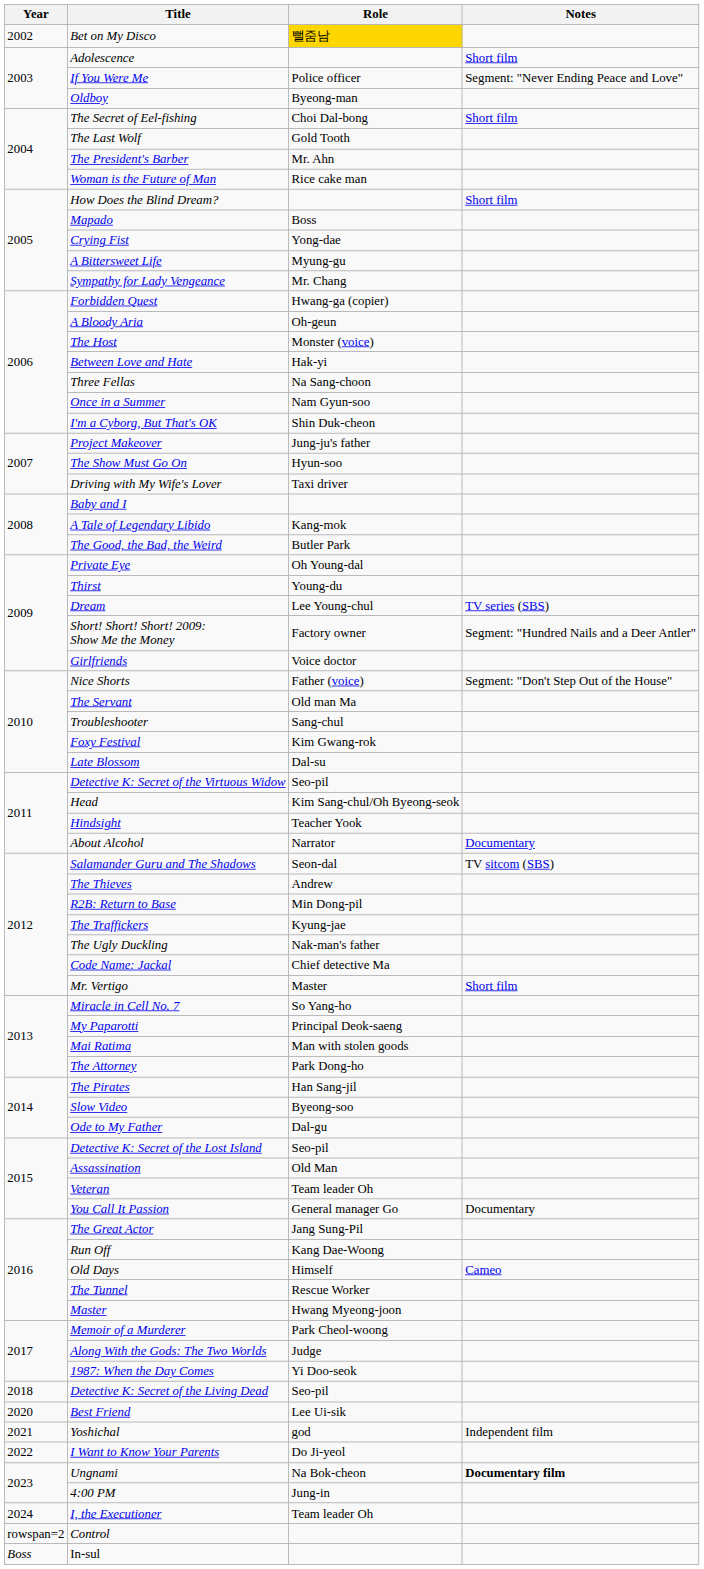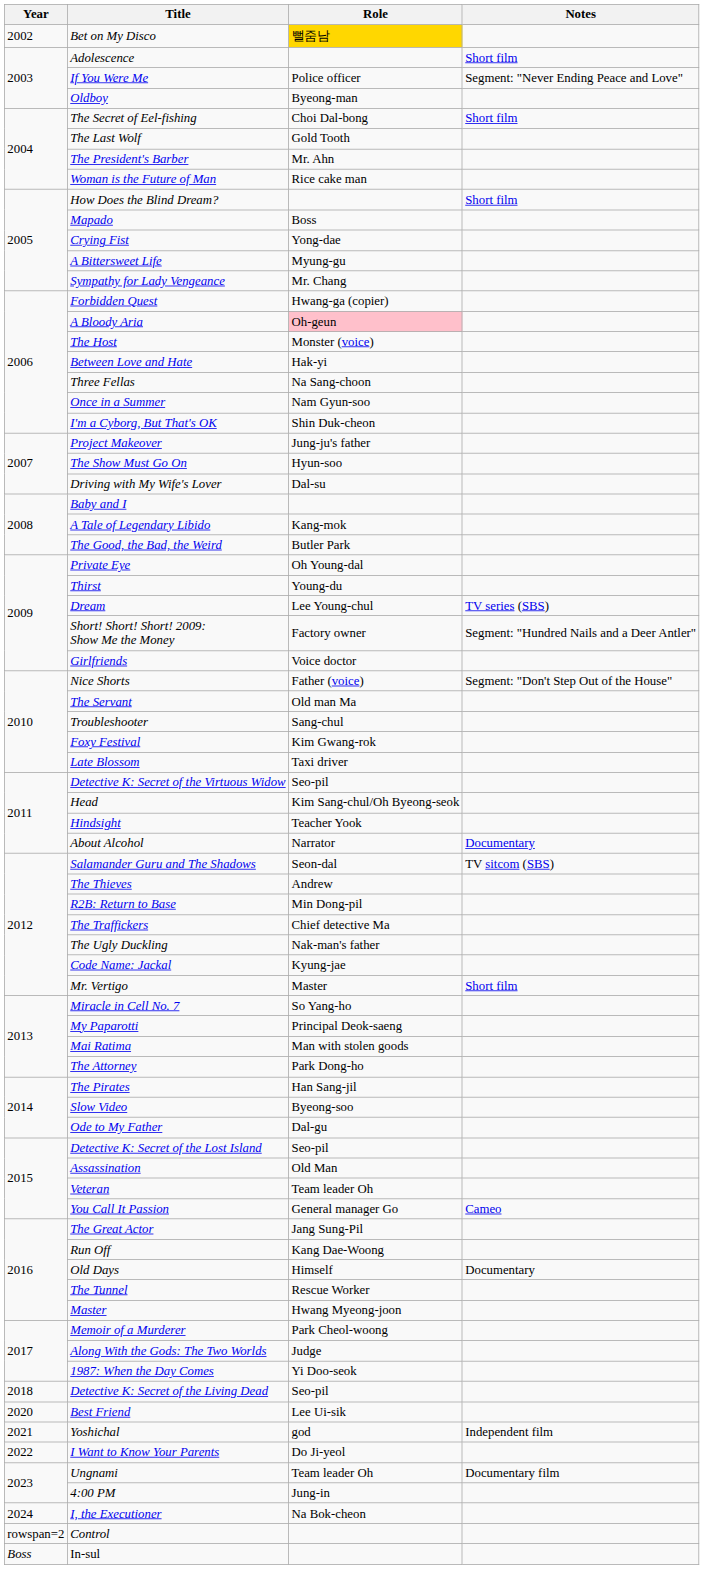 <table class="wikitable plainrowheaders sortable">
 <tr>
 <th>Year</th>
 <th>Title</th>
 <th>Role</th>
 <th class="unsortable">Notes</th>
 </tr>
 <tr>
 <td>2002</td>
 <td><em>Bet on My Disco</em></td>
 <td style="background: gold;">뻘줌남</td>
 <td></td>
 </tr>
 <tr>
 <td rowspan=3>2003</td>
 <td><em>Adolescence</em></td>
 <td></td>
 <td><a href='#'>Short film</a></td>
 </tr>
 <tr>
 <td><em><a href='#'>If You Were Me</a></em></td>
 <td>Police officer</td>
 <td>Segment: "Never Ending Peace and Love"</td>
 </tr>
 <tr>
 <td><em><a href='#'>Oldboy</a></em></td>
 <td>Byeong-man</td>
 <td></td>
 </tr>
 <tr>
 <td rowspan=4>2004</td>
 <td><em>The Secret of Eel-fishing</em></td>
 <td>Choi Dal-bong</td>
 <td><a href='#'>Short film</a></td>
 </tr>
 <tr>
 <td><em>The Last Wolf</em></td>
 <td>Gold Tooth</td>
 <td></td>
 </tr>
 <tr>
 <td><em><a href='#'>The President's Barber</a></em></td>
 <td>Mr. Ahn</td>
 <td></td>
 </tr>
 <tr>
 <td><em><a href='#'>Woman is the Future of Man</a></em></td>
 <td>Rice cake man</td>
 <td></td>
 </tr>
 <tr>
 <td rowspan=5>2005</td>
 <td><em>How Does the Blind Dream?</em></td>
 <td></td>
 <td><a href='#'>Short film</a></td>
 </tr>
 <tr>
 <td><em><a href='#'>Mapado</a></em></td>
 <td>Boss</td>
 <td></td>
 </tr>
 <tr>
 <td><em><a href='#'>Crying Fist</a></em></td>
 <td>Yong-dae</td>
 <td></td>
 </tr>
 <tr>
 <td><em><a href='#'>A Bittersweet Life</a></em></td>
 <td>Myung-gu</td>
 <td></td>
 </tr>
 <tr>
 <td><em><a href='#'>Sympathy for Lady Vengeance</a></em></td>
 <td>Mr. Chang</td>
 <td></td>
 </tr>
 <tr>
 <td rowspan=7>2006</td>
 <td><em><a href='#'>Forbidden Quest</a></em></td>
 <td>Hwang-ga (copier)</td>
 <td></td>
 </tr>
 <tr>
 <td><em><a href='#'>A Bloody Aria</a></em></td>
-<td>Oh-geun</td>
+<td style="background: pink;">Oh-geun</td>
 <td></td>
 </tr>
 <tr>
 <td><em><a href='#'>The Host</a></em></td>
 <td>Monster (<a href='#'>voice</a>)</td>
 <td></td>
 </tr>
 <tr>
 <td><em><a href='#'>Between Love and Hate</a></em></td>
 <td>Hak-yi</td>
 <td></td>
 </tr>
 <tr>
 <td><em>Three Fellas</em></td>
 <td>Na Sang-choon</td>
 <td></td>
 </tr>
 <tr>
 <td><em><a href='#'>Once in a Summer</a></em></td>
 <td>Nam Gyun-soo</td>
 <td></td>
 </tr>
 <tr>
 <td><em><a href='#'>I'm a Cyborg, But That's OK</a></em></td>
 <td>Shin Duk-cheon</td>
 <td></td>
 </tr>
 <tr>
 <td rowspan=3>2007</td>
 <td><em><a href='#'>Project Makeover</a></em></td>
 <td>Jung-ju's father</td>
 <td></td>
 </tr>
 <tr>
 <td><em><a href='#'>The Show Must Go On</a></em></td>
 <td>Hyun-soo</td>
 <td></td>
 </tr>
 <tr>
 <td><em>Driving with My Wife's Lover</em></td>
-<td>Taxi driver</td>
+<td>Dal-su</td>
 <td></td>
 </tr>
 <tr>
 <td rowspan=3>2008</td>
 <td><em><a href='#'>Baby and I</a></em></td>
 <td></td>
 <td></td>
 </tr>
 <tr>
 <td><em><a href='#'>A Tale of Legendary Libido</a></em></td>
 <td>Kang-mok</td>
 <td></td>
 </tr>
 <tr>
 <td><em><a href='#'>The Good, the Bad, the Weird</a></em></td>
 <td>Butler Park</td>
 <td></td>
 </tr>
 <tr>
 <td rowspan=5>2009</td>
 <td><em><a href='#'>Private Eye</a></em></td>
 <td>Oh Young-dal</td>
 <td></td>
 </tr>
 <tr>
 <td><em><a href='#'>Thirst</a></em></td>
 <td>Young-du</td>
 <td></td>
 </tr>
 <tr>
 <td><em><a href='#'>Dream</a></em></td>
 <td>Lee Young-chul</td>
 <td><a href='#'>TV series</a> (<a href='#'>SBS</a>)</td>
 </tr>
 <tr>
 <td><em>Short! Short! Short! 2009: <br> Show Me the Money</em></td>
 <td>Factory owner</td>
 <td>Segment: "Hundred Nails and a Deer Antler"</td>
 </tr>
 <tr>
 <td><em><a href='#'>Girlfriends</a></em></td>
 <td>Voice doctor</td>
 <td></td>
 </tr>
 <tr>
 <td rowspan=5>2010</td>
 <td><em>Nice Shorts</em></td>
 <td>Father (<a href='#'>voice</a>)</td>
 <td>Segment: "Don't Step Out of the House"</td>
 </tr>
 <tr>
 <td><em><a href='#'>The Servant</a></em></td>
 <td>Old man Ma</td>
 <td></td>
 </tr>
 <tr>
 <td><em>Troubleshooter</em></td>
 <td>Sang-chul</td>
 <td></td>
 </tr>
 <tr>
 <td><em><a href='#'>Foxy Festival</a></em></td>
 <td>Kim Gwang-rok</td>
 <td></td>
 </tr>
 <tr>
 <td><em><a href='#'>Late Blossom</a></em></td>
-<td>Dal-su</td>
+<td>Taxi driver</td>
 <td></td>
 </tr>
 <tr>
 <td rowspan=4>2011</td>
 <td><em><a href='#'>Detective K: Secret of the Virtuous Widow</a></em></td>
 <td>Seo-pil</td>
 <td></td>
 </tr>
 <tr>
 <td><em>Head</em></td>
 <td>Kim Sang-chul/Oh Byeong-seok</td>
 <td></td>
 </tr>
 <tr>
 <td><em><a href='#'>Hindsight</a></em></td>
 <td>Teacher Yook</td>
 <td></td>
 </tr>
 <tr>
 <td><em>About Alcohol</em></td>
 <td>Narrator</td>
 <td><a href='#'>Documentary</a></td>
 </tr>
 <tr>
 <td rowspan=7>2012</td>
 <td><em><a href='#'>Salamander Guru and The Shadows</a></em></td>
 <td>Seon-dal</td>
 <td>TV <a href='#'>sitcom</a> (<a href='#'>SBS</a>)</td>
 </tr>
 <tr>
 <td><em><a href='#'>The Thieves</a></em></td>
 <td>Andrew</td>
 <td></td>
 </tr>
 <tr>
 <td><em><a href='#'>R2B: Return to Base</a></em></td>
 <td>Min Dong-pil</td>
 <td></td>
 </tr>
 <tr>
 <td><em><a href='#'>The Traffickers</a></em></td>
-<td>Kyung-jae</td>
+<td>Chief detective Ma</td>
 <td></td>
 </tr>
 <tr>
 <td><em>The Ugly Duckling</em></td>
 <td>Nak-man's father</td>
 <td></td>
 </tr>
 <tr>
 <td><em><a href='#'>Code Name: Jackal</a></em></td>
-<td>Chief detective Ma</td>
+<td>Kyung-jae</td>
 <td></td>
 </tr>
 <tr>
 <td><em>Mr. Vertigo</em></td>
 <td>Master</td>
 <td><a href='#'>Short film</a></td>
 </tr>
 <tr>
 <td rowspan=4>2013</td>
 <td><em><a href='#'>Miracle in Cell No. 7</a></em></td>
 <td>So Yang-ho</td>
 <td></td>
 </tr>
 <tr>
 <td><em><a href='#'>My Paparotti</a></em></td>
 <td>Principal Deok-saeng</td>
 <td></td>
 </tr>
 <tr>
 <td><em><a href='#'>Mai Ratima</a></em></td>
 <td>Man with stolen goods</td>
 <td></td>
 </tr>
 <tr>
 <td><em><a href='#'>The Attorney</a></em></td>
 <td>Park Dong-ho</td>
 <td></td>
 </tr>
 <tr>
 <td rowspan=3>2014</td>
 <td><em><a href='#'>The Pirates</a></em></td>
 <td>Han Sang-jil</td>
 <td></td>
 </tr>
 <tr>
 <td><em><a href='#'>Slow Video</a></em></td>
 <td>Byeong-soo</td>
 <td></td>
 </tr>
 <tr>
 <td><em><a href='#'>Ode to My Father</a></em></td>
 <td>Dal-gu</td>
 <td></td>
 </tr>
 <tr>
 <td rowspan=4>2015</td>
 <td><em><a href='#'>Detective K: Secret of the Lost Island</a></em></td>
 <td>Seo-pil</td>
 <td></td>
 </tr>
 <tr>
 <td><em><a href='#'>Assassination</a></em></td>
 <td>Old Man</td>
 <td></td>
 </tr>
 <tr>
 <td><em><a href='#'>Veteran</a></em></td>
 <td>Team leader Oh</td>
 <td></td>
 </tr>
 <tr>
 <td><em><a href='#'>You Call It Passion</a></em></td>
 <td>General manager Go</td>
-<td>Documentary</td>
+<td><a href='#'>Cameo</a></td>
 </tr>
 <tr>
 <td rowspan="5">2016</td>
 <td><em><a href='#'>The Great Actor</a></em></td>
 <td>Jang Sung-Pil</td>
 <td></td>
 </tr>
 <tr>
 <td><em>Run Off</em></td>
 <td>Kang Dae-Woong</td>
 <td></td>
 </tr>
 <tr>
 <td><em>Old Days</em></td>
 <td>Himself</td>
-<td><a href='#'>Cameo</a></td>
+<td>Documentary</td>
 </tr>
 <tr>
 <td><a href='#'><em>The Tunnel</em></a></td>
 <td>Rescue Worker</td>
 <td></td>
 </tr>
 <tr>
 <td><em><a href='#'>Master</a></em></td>
 <td>Hwang Myeong-joon</td>
 <td></td>
 </tr>
 <tr>
 <td rowspan="3">2017</td>
 <td><em><a href='#'>Memoir of a Murderer</a></em></td>
 <td>Park Cheol-woong</td>
 <td></td>
 </tr>
 <tr>
 <td><em><a href='#'>Along With the Gods: The Two Worlds</a></em></td>
 <td>Judge</td>
 <td></td>
 </tr>
 <tr>
 <td><em><a href='#'>1987: When the Day Comes</a></em></td>
 <td>Yi Doo-seok</td>
 <td></td>
 </tr>
 <tr>
 <td>2018</td>
 <td><em><a href='#'>Detective K: Secret of the Living Dead</a></em></td>
 <td>Seo-pil</td>
 <td></td>
 </tr>
 <tr>
 <td>2020</td>
 <td><em><a href='#'>Best Friend</a></em></td>
 <td>Lee Ui-sik</td>
 <td></td>
 </tr>
 <tr>
 <td>2021</td>
 <td><em>Yoshichal</em></td>
 <td>god</td>
 <td>Independent film </td>
 </tr>
 <tr>
 <td>2022</td>
 <td><em><a href='#'>I Want to Know Your Parents</a></em></td>
 <td>Do Ji-yeol</td>
 <td></td>
 </tr>
 <tr>
 <td rowspan="2">2023</td>
 <td><em>Ungnami</em></td>
-<td>Na Bok-cheon</td>
-<td><strong>Documentary film</strong></td>
+<td>Team leader Oh</td>
+<td>Documentary film</td>
 </tr>
 <tr>
 <td><em>4:00 PM</em></td>
 <td>Jung-in</td>
 <td></td>
 </tr>
 <tr>
 <td>2024</td>
 <td><em><a href='#'>I, the Executioner</a></em></td>
-<td>Team leader Oh</td>
+<td>Na Bok-cheon</td>
 <td></td>
 </tr>
 <tr>
 <td>rowspan=2  </td>
 <td><em>Control</em></td>
 <td></td>
 <td></td>
 </tr>
 <tr>
 <td><em>Boss</em></td>
 <td>In-sul</td>
 <td></td>
 </tr>
 </table>
